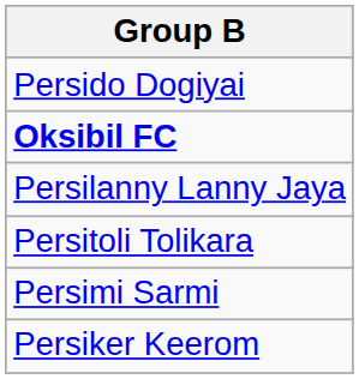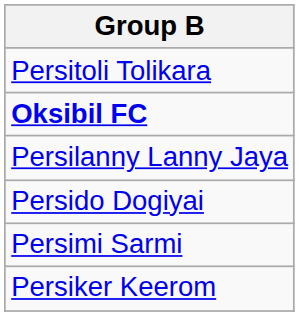 <table class="wikitable">
 <tr>
 <th>Group B</th>
 </tr>
 <tr>
-<td><a href='#'>Persido Dogiyai</a></td>
+<td><a href='#'>Persitoli Tolikara</a></td>
 </tr>
 <tr>
 <td><strong><a href='#'>Oksibil FC</a></strong></td>
 </tr>
 <tr>
 <td><a href='#'>Persilanny Lanny Jaya</a></td>
 </tr>
 <tr>
-<td><a href='#'>Persitoli Tolikara</a></td>
+<td><a href='#'>Persido Dogiyai</a></td>
 </tr>
 <tr>
 <td><a href='#'>Persimi Sarmi</a></td>
 </tr>
 <tr>
 <td><a href='#'>Persiker Keerom</a></td>
 </tr>
 </table>
